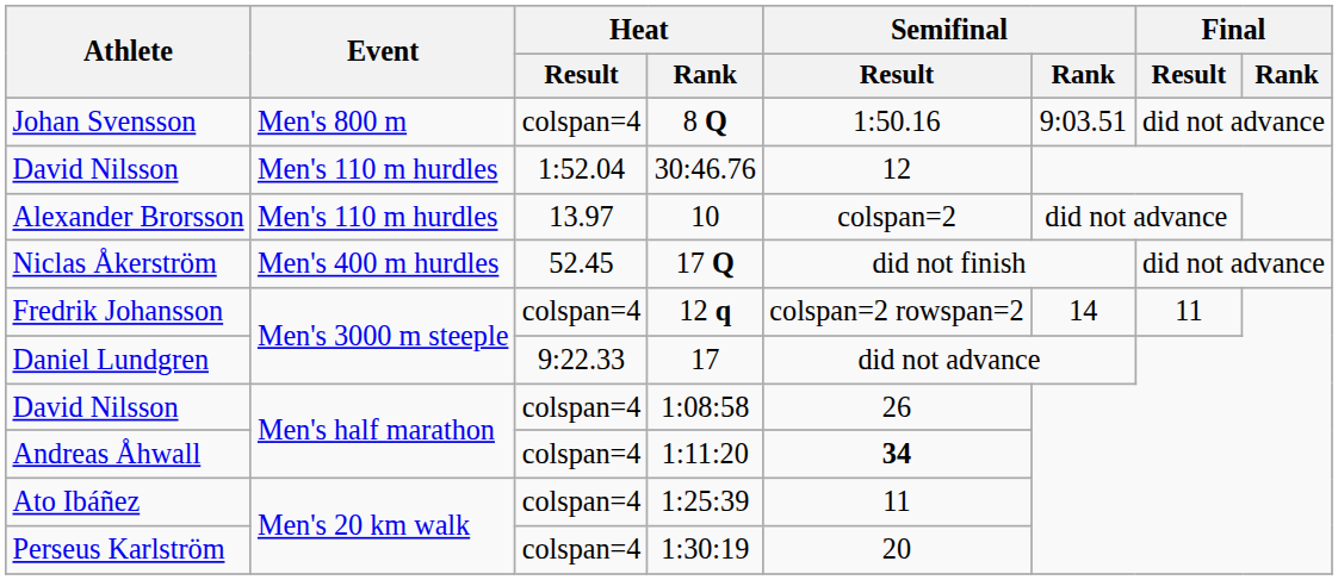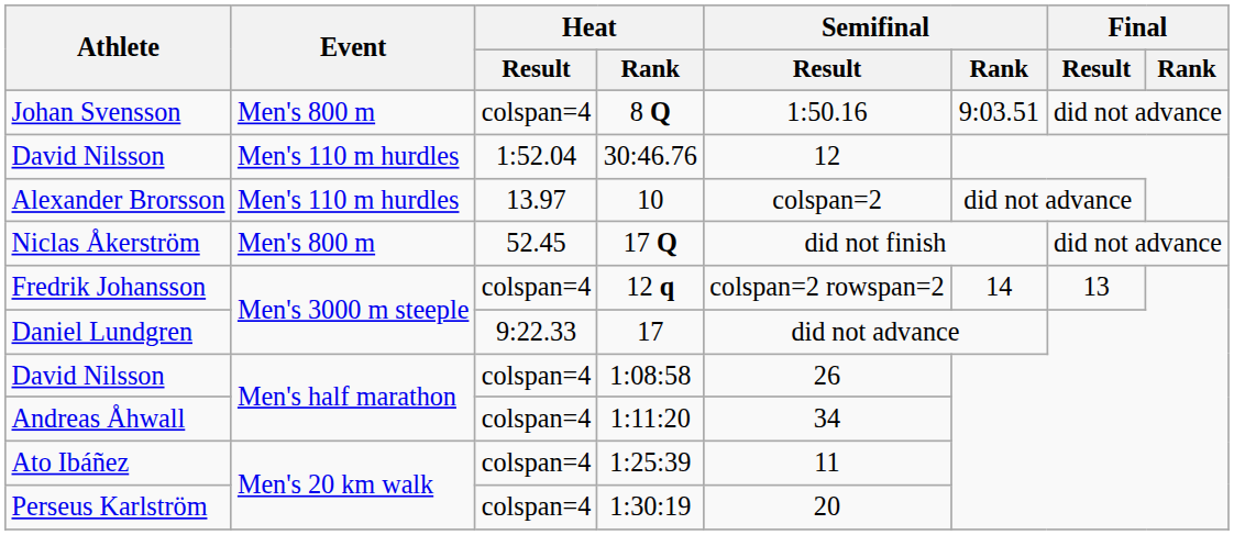 <table class="wikitable" style="font-size:90%">
 <tr>
 <th rowspan=2>Athlete</th>
 <th rowspan=2>Event</th>
 <th colspan=2>Heat</th>
 <th colspan=2>Semifinal</th>
 <th colspan=2>Final</th>
 </tr>
 <tr style="font-size:95%">
 <th>Result</th>
 <th>Rank</th>
 <th>Result</th>
 <th>Rank</th>
 <th>Result</th>
 <th>Rank</th>
 </tr>
 <tr align=center>
 <td align=left><a href='#'>Johan Svensson</a></td>
 <td align=left><a href='#'>Men's 800 m</a></td>
 <td>colspan=4 </td>
 <td>8 <strong>Q</strong></td>
 <td>1:50.16</td>
 <td>9:03.51</td>
 <td colspan=2>did not advance</td>
 </tr>
 <tr align=center>
 <td align=left><a href='#'>David Nilsson</a></td>
 <td align=left><a href='#'>Men's 110 m hurdles</a></td>
 <td>1:52.04</td>
 <td>30:46.76</td>
 <td>12</td>
 </tr>
 <tr align=center>
 <td align=left><a href='#'>Alexander Brorsson</a></td>
 <td align=left><a href='#'>Men's 110 m hurdles</a></td>
 <td>13.97</td>
 <td>10</td>
 <td>colspan=2 </td>
 <td colspan=2>did not advance</td>
 </tr>
 <tr align=center>
 <td align=left><a href='#'>Niclas Åkerström</a></td>
-<td align=left><a href='#'>Men's 400 m hurdles</a></td>
+<td align=left><a href='#'>Men's 800 m</a></td>
 <td>52.45</td>
 <td>17 <strong>Q</strong></td>
 <td colspan=2>did not finish</td>
 <td colspan=2>did not advance</td>
 </tr>
 <tr align="center">
 <td align=left><a href='#'>Fredrik Johansson</a></td>
 <td align=left rowspan=2><a href='#'>Men's 3000 m steeple</a></td>
 <td>colspan=4 </td>
 <td>12 <strong>q</strong></td>
 <td>colspan=2 rowspan=2 </td>
 <td>14</td>
-<td>11</td>
+<td>13</td>
 </tr>
 <tr align=center>
 <td align=left><a href='#'>Daniel Lundgren</a></td>
 <td>9:22.33</td>
 <td>17</td>
 <td colspan=2>did not advance</td>
 </tr>
 <tr align=center>
 <td align=left><a href='#'>David Nilsson</a></td>
 <td align=left rowspan=2><a href='#'>Men's half marathon</a></td>
 <td>colspan=4 </td>
 <td>1:08:58</td>
 <td>26</td>
 </tr>
 <tr align=center>
 <td align=left><a href='#'>Andreas Åhwall</a></td>
 <td>colspan=4 </td>
 <td>1:11:20</td>
-<td><strong>34</strong></td>
+<td>34</td>
 </tr>
 <tr align=center>
 <td align=left><a href='#'>Ato Ibáñez</a></td>
 <td align=left rowspan=2><a href='#'>Men's 20 km walk</a></td>
 <td>colspan=4 </td>
 <td>1:25:39</td>
 <td>11</td>
 </tr>
 <tr align=center>
 <td align=left><a href='#'>Perseus Karlström</a></td>
 <td>colspan=4 </td>
 <td>1:30:19</td>
 <td>20</td>
 </tr>
 </table>
